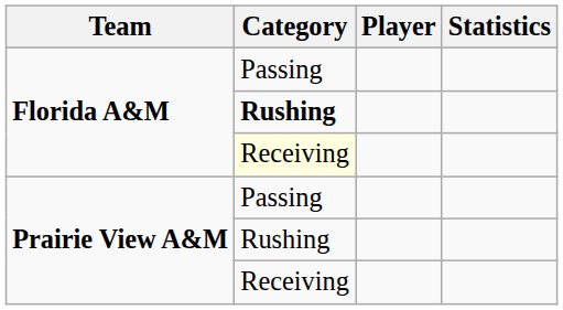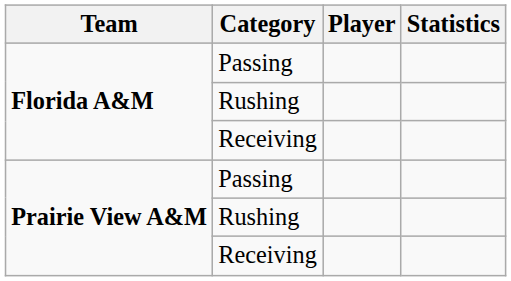 <table class="wikitable" style="float: right;">
 <tr>
 <th>Team</th>
 <th>Category</th>
 <th>Player</th>
 <th>Statistics</th>
 </tr>
 <tr>
 <td rowspan=3><strong>Florida A&M</strong></td>
 <td>Passing</td>
 <td></td>
 <td></td>
 </tr>
 <tr>
-<td><strong>Rushing</strong></td>
+<td>Rushing</td>
 <td></td>
 <td></td>
 </tr>
 <tr>
-<td style="background: lightyellow;">Receiving</td>
+<td>Receiving</td>
 <td></td>
 <td></td>
 </tr>
 <tr>
 <td rowspan=3><strong>Prairie View A&M</strong></td>
 <td>Passing</td>
 <td></td>
 <td></td>
 </tr>
 <tr>
 <td>Rushing</td>
 <td></td>
 <td></td>
 </tr>
 <tr>
 <td>Receiving</td>
 <td></td>
 <td></td>
 </tr>
 </table>
